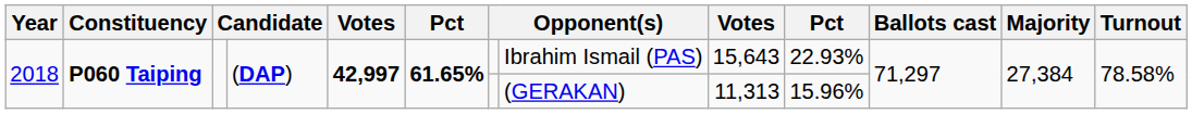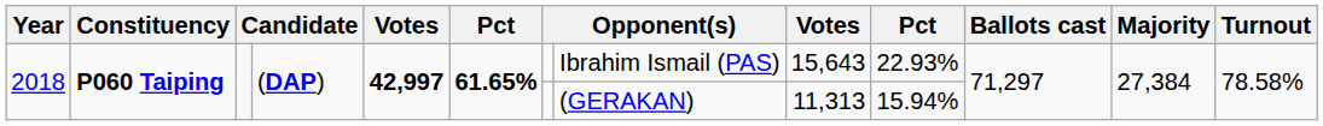 <table class="wikitable" style="margin:0.5em ; font-size:95%">
 <tr>
 <th>Year</th>
 <th>Constituency</th>
 <th colspan=2>Candidate</th>
 <th>Votes</th>
 <th>Pct</th>
 <th colspan=2>Opponent(s)</th>
 <th>Votes</th>
 <th>Pct</th>
 <th>Ballots cast</th>
 <th>Majority</th>
 <th>Turnout</th>
 </tr>
 <tr>
 <td rowspan="2"><a href='#'>2018</a></td>
 <td rowspan="2"><strong>P060 <a href='#'>Taiping</a></strong></td>
 <td rowspan=2 ></td>
 <td rowspan="2"> (<a href='#'><strong>DAP</strong></a>)</td>
 <td rowspan="2" align="right"><strong>42,997</strong></td>
 <td rowspan="2"><strong>61.65%</strong></td>
 <td></td>
 <td>Ibrahim Ismail (<a href='#'>PAS</a>)</td>
 <td align="right">15,643</td>
 <td>22.93%</td>
 <td rowspan="2">71,297</td>
 <td rowspan="2">27,384</td>
 <td rowspan="2">78.58%</td>
 </tr>
 <tr>
 <td></td>
 <td> (<a href='#'>GERAKAN</a>)</td>
 <td align="right">11,313</td>
-<td>15.96%</td>
+<td>15.94%</td>
 </tr>
 </table>
